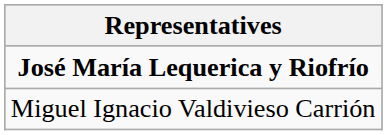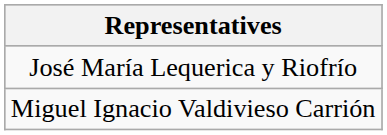 <table class="wikitable" style="text-align:center; ">
 <tr>
 <th>Representatives</th>
 </tr>
 <tr>
-<td><strong>José María Lequerica y Riofrío</strong></td>
+<td>José María Lequerica y Riofrío</td>
 </tr>
 <tr>
 <td>Miguel Ignacio Valdivieso Carrión</td>
 </tr>
 </table>
